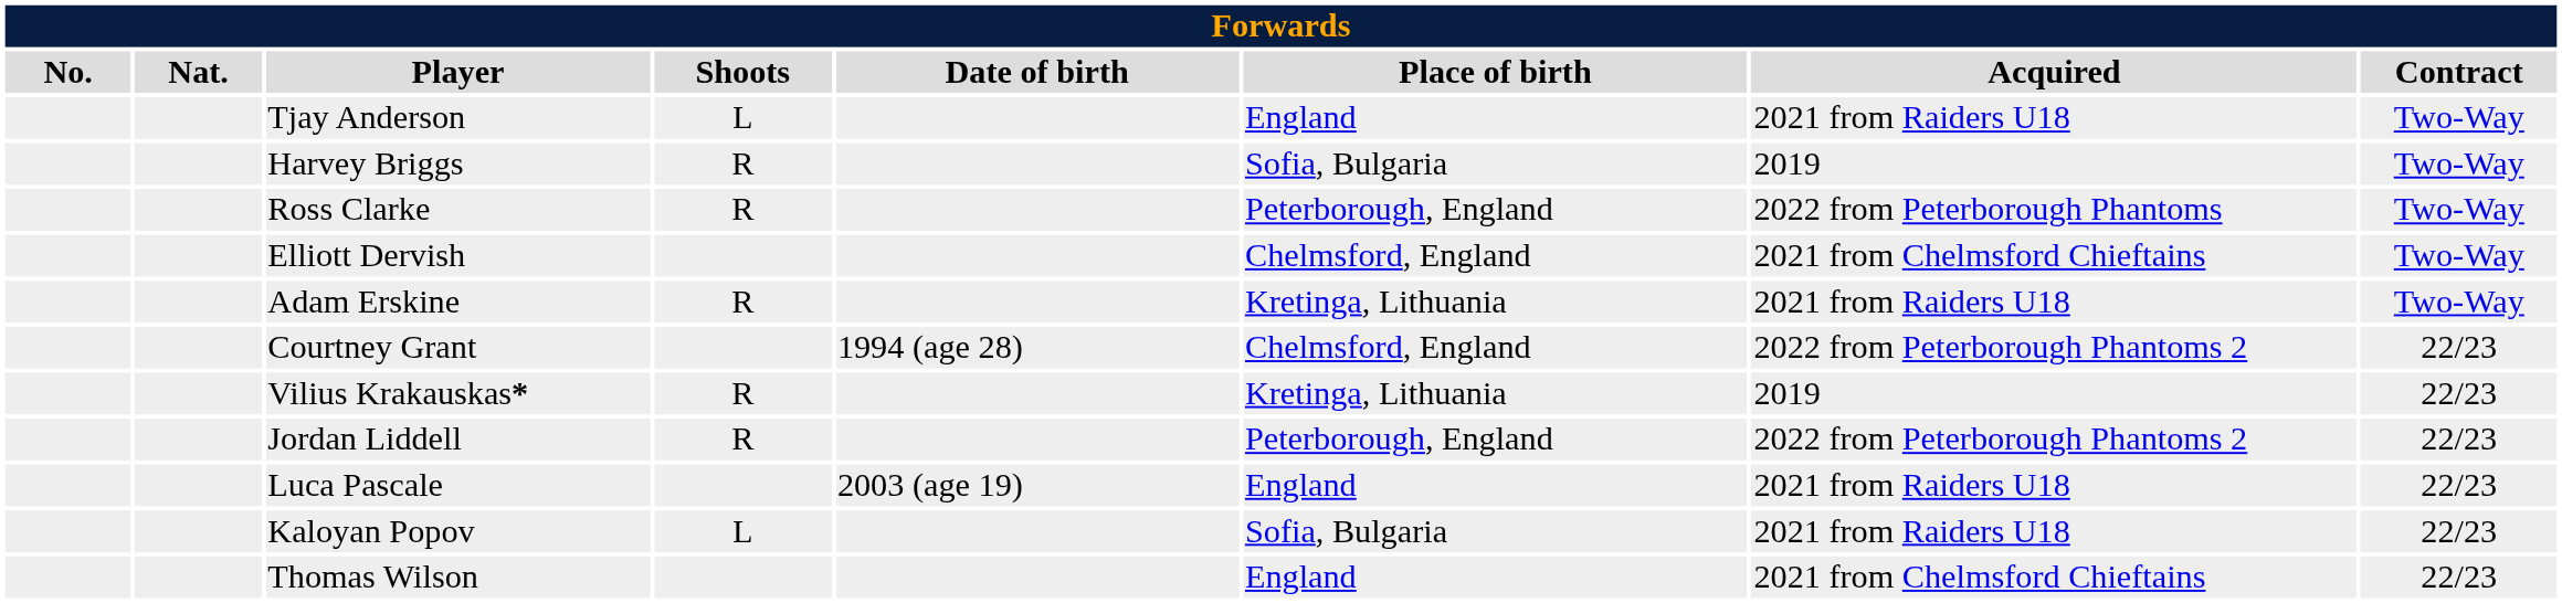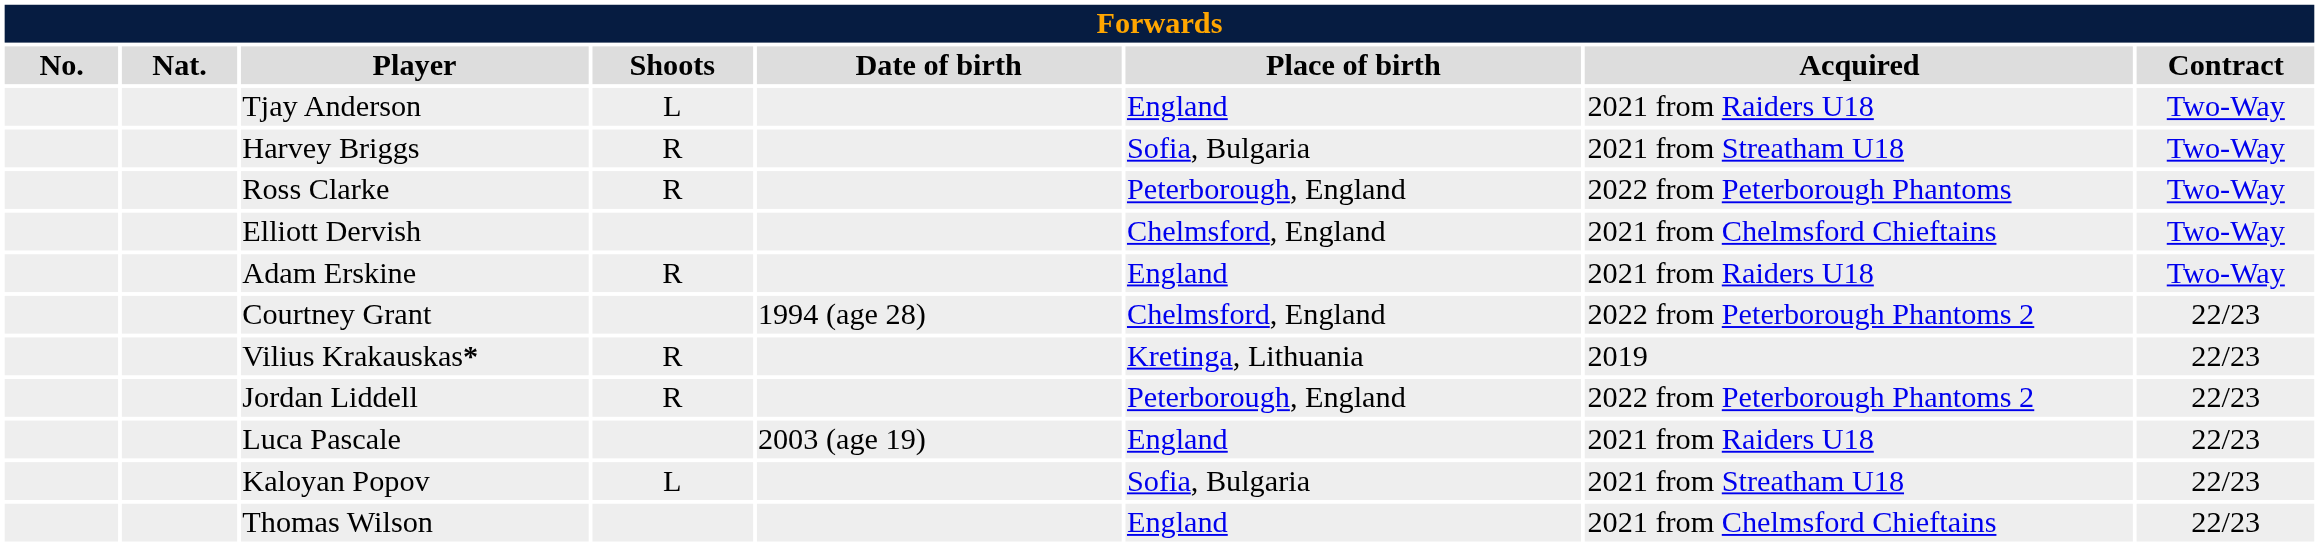 <table class="toccolours"  style="width:97%; clear:both; margin:1.5em auto; text-align:center;">
 <tr style="background:#ddd;">
 <th colspan="11" style="background:#061c41; color:#ffa600;”">Forwards</th>
 </tr>
 <tr style="background:#ddd;">
 <th width=5%>No.</th>
 <th width=5%>Nat.</th>
 <th !width=22%>Player</th>
 <th width=7%>Shoots</th>
 <th width=16%>Date of birth</th>
 <th width=20%>Place of birth</th>
 <th width=24%>Acquired</th>
 <td><strong>Contract</strong></td>
 </tr>
 <tr style="background:#eee;">
 <td></td>
 <td></td>
 <td align=left>Tjay Anderson</td>
 <td>L</td>
 <td align=left></td>
 <td align=left><a href='#'>England</a></td>
 <td align=left>2021 from <a href='#'>Raiders U18</a></td>
 <td><a href='#'>Two-Way</a></td>
 </tr>
 <tr style="background:#eee;">
 <td></td>
 <td></td>
 <td align=left>Harvey Briggs</td>
 <td>R</td>
 <td align=left></td>
 <td align=left><a href='#'>Sofia</a>, Bulgaria</td>
-<td align=left>2019</td>
+<td align=left>2021 from <a href='#'>Streatham U18</a></td>
 <td><a href='#'>Two-Way</a></td>
 </tr>
 <tr style="background:#eee;">
 <td></td>
 <td></td>
 <td align=left>Ross Clarke</td>
 <td>R</td>
 <td align=left></td>
 <td align=left><a href='#'>Peterborough</a>, England</td>
 <td align=left>2022 from <a href='#'>Peterborough Phantoms</a></td>
 <td><a href='#'>Two-Way</a></td>
 </tr>
 <tr style="background:#eee;">
 <td></td>
 <td></td>
 <td align=left>Elliott Dervish</td>
 <td></td>
 <td align=left></td>
 <td align=left><a href='#'>Chelmsford</a>, England</td>
 <td align=left>2021 from <a href='#'>Chelmsford Chieftains</a></td>
 <td><a href='#'>Two-Way</a></td>
 </tr>
 <tr style="background:#eee;">
 <td></td>
 <td></td>
 <td align=left>Adam Erskine</td>
 <td>R</td>
 <td align=left></td>
-<td align=left><a href='#'>Kretinga</a>, Lithuania</td>
+<td align=left><a href='#'>England</a></td>
 <td align=left>2021 from <a href='#'>Raiders U18</a></td>
 <td><a href='#'>Two-Way</a></td>
 </tr>
 <tr style="background:#eee;">
 <td></td>
 <td></td>
 <td align=left>Courtney Grant</td>
 <td></td>
 <td align=left>1994 (age 28)</td>
 <td align=left><a href='#'>Chelmsford</a>, England</td>
 <td align=left>2022 from <a href='#'>Peterborough Phantoms 2</a></td>
 <td>22/23</td>
 </tr>
 <tr style="background:#eee;">
 <td></td>
 <td></td>
 <td align=left>Vilius Krakauskas<strong>*</strong></td>
 <td>R</td>
 <td align=left></td>
 <td align=left><a href='#'>Kretinga</a>, Lithuania</td>
 <td align=left>2019</td>
 <td>22/23</td>
 </tr>
 <tr style="background:#eee;">
 <td></td>
 <td></td>
 <td align=left>Jordan Liddell</td>
 <td>R</td>
 <td align=left></td>
 <td align=left><a href='#'>Peterborough</a>, England</td>
 <td align=left>2022 from <a href='#'>Peterborough Phantoms 2</a></td>
 <td>22/23</td>
 </tr>
 <tr style="background:#eee;">
 <td></td>
 <td></td>
 <td align=left>Luca Pascale</td>
 <td></td>
 <td align=left>2003 (age 19)</td>
 <td align=left><a href='#'>England</a></td>
 <td align=left>2021 from <a href='#'>Raiders U18</a></td>
 <td>22/23</td>
 </tr>
 <tr style="background:#eee;">
 <td></td>
 <td></td>
 <td align=left>Kaloyan Popov</td>
 <td>L</td>
 <td align=left></td>
 <td align=left><a href='#'>Sofia</a>, Bulgaria</td>
-<td align=left>2021 from <a href='#'>Raiders U18</a></td>
+<td align=left>2021 from <a href='#'>Streatham U18</a></td>
 <td>22/23</td>
 </tr>
 <tr style="background:#eee;">
 <td></td>
 <td></td>
 <td align=left>Thomas Wilson</td>
 <td></td>
 <td align=left></td>
 <td align=left><a href='#'>England</a></td>
 <td align=left>2021 from <a href='#'>Chelmsford Chieftains</a></td>
 <td>22/23</td>
 </tr>
 </table>
